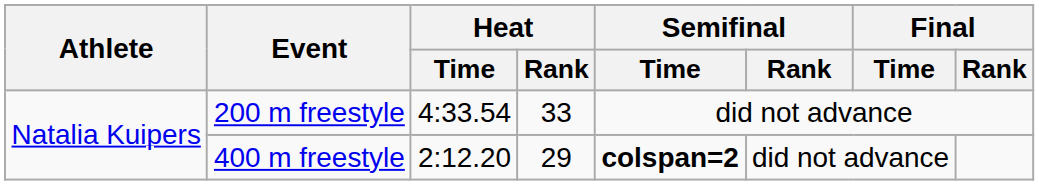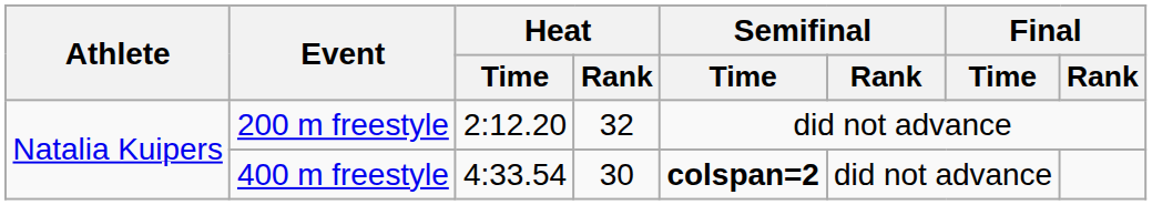 <table class="wikitable" style="text-align:center; font-size:90%">
 <tr>
 <th rowspan="2">Athlete</th>
 <th rowspan="2">Event</th>
 <th colspan="2">Heat</th>
 <th colspan="2">Semifinal</th>
 <th colspan="2">Final</th>
 </tr>
 <tr style="font-size:95%">
 <th>Time</th>
 <th>Rank</th>
 <th>Time</th>
 <th>Rank</th>
 <th>Time</th>
 <th>Rank</th>
 </tr>
 <tr>
 <td align=left rowspan=2><a href='#'>Natalia Kuipers</a></td>
 <td align=left><a href='#'>200 m freestyle</a></td>
-<td>4:33.54</td>
-<td>33</td>
+<td>2:12.20</td>
+<td>32</td>
 <td colspan=4>did not advance</td>
 </tr>
 <tr>
 <td align=left><a href='#'>400 m freestyle</a></td>
-<td>2:12.20</td>
-<td>29</td>
+<td>4:33.54</td>
+<td>30</td>
 <td><strong>colspan=2 </strong></td>
 <td colspan=2>did not advance</td>
 </tr>
 </table>
